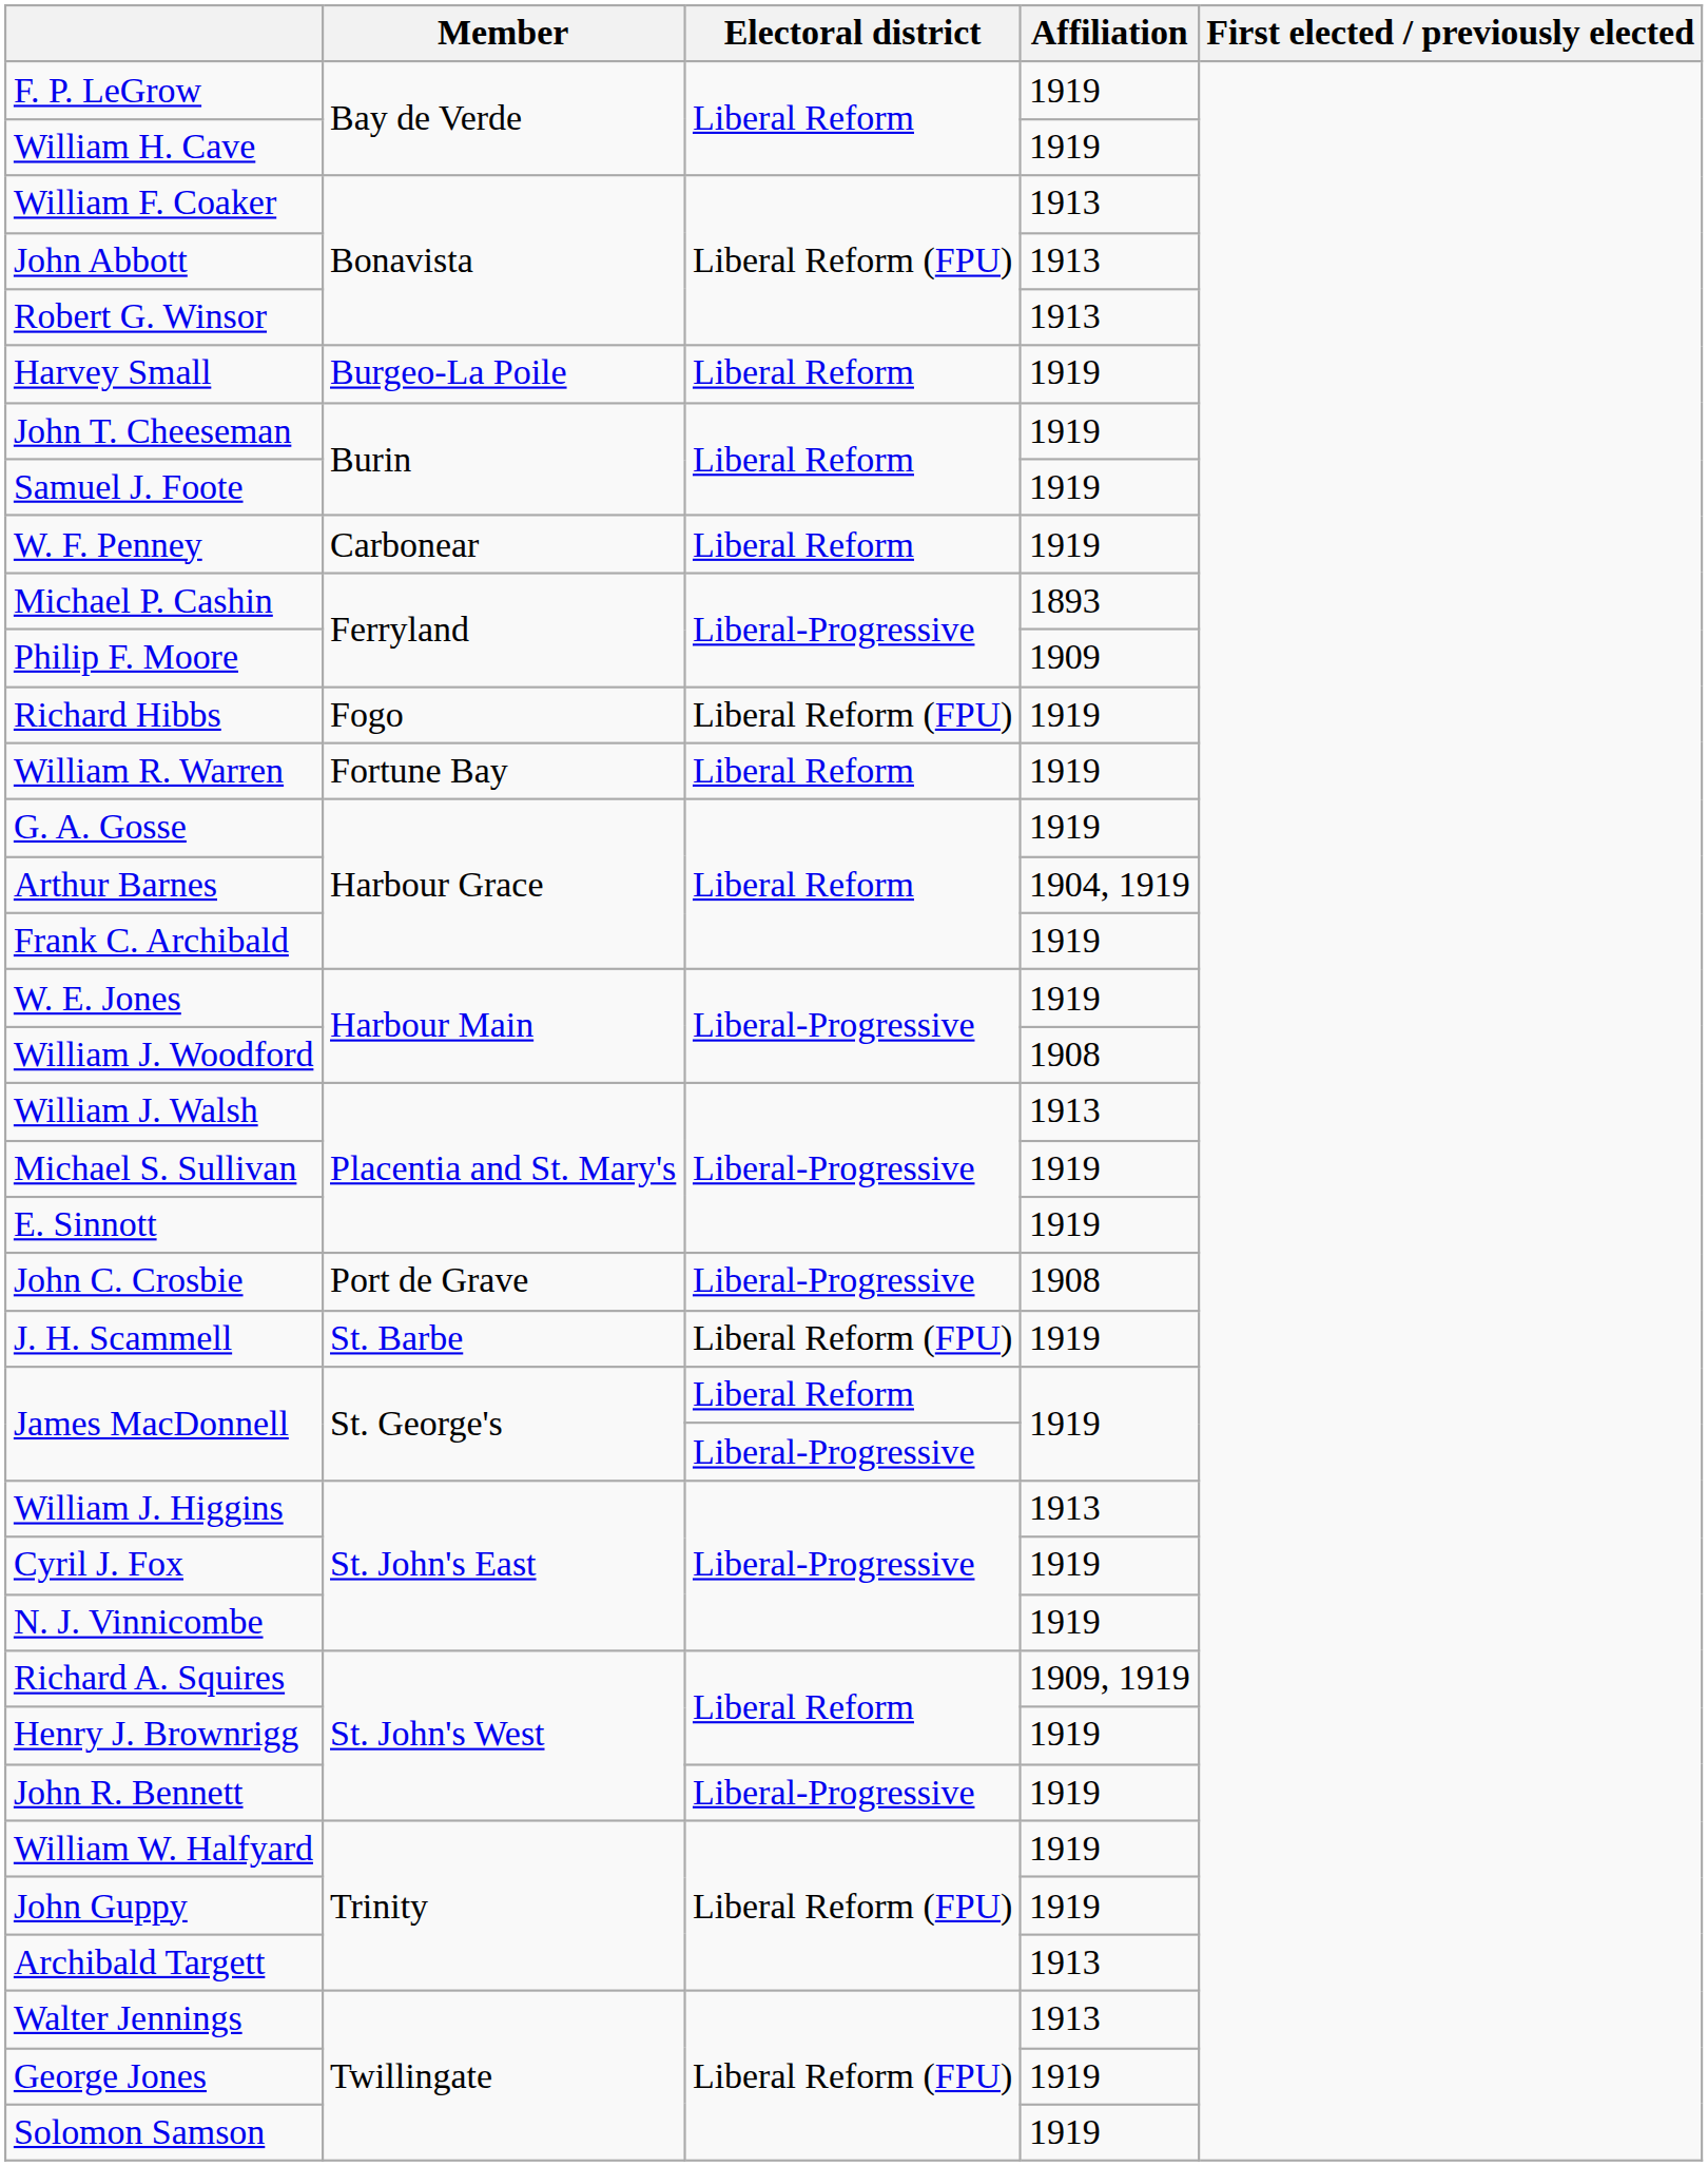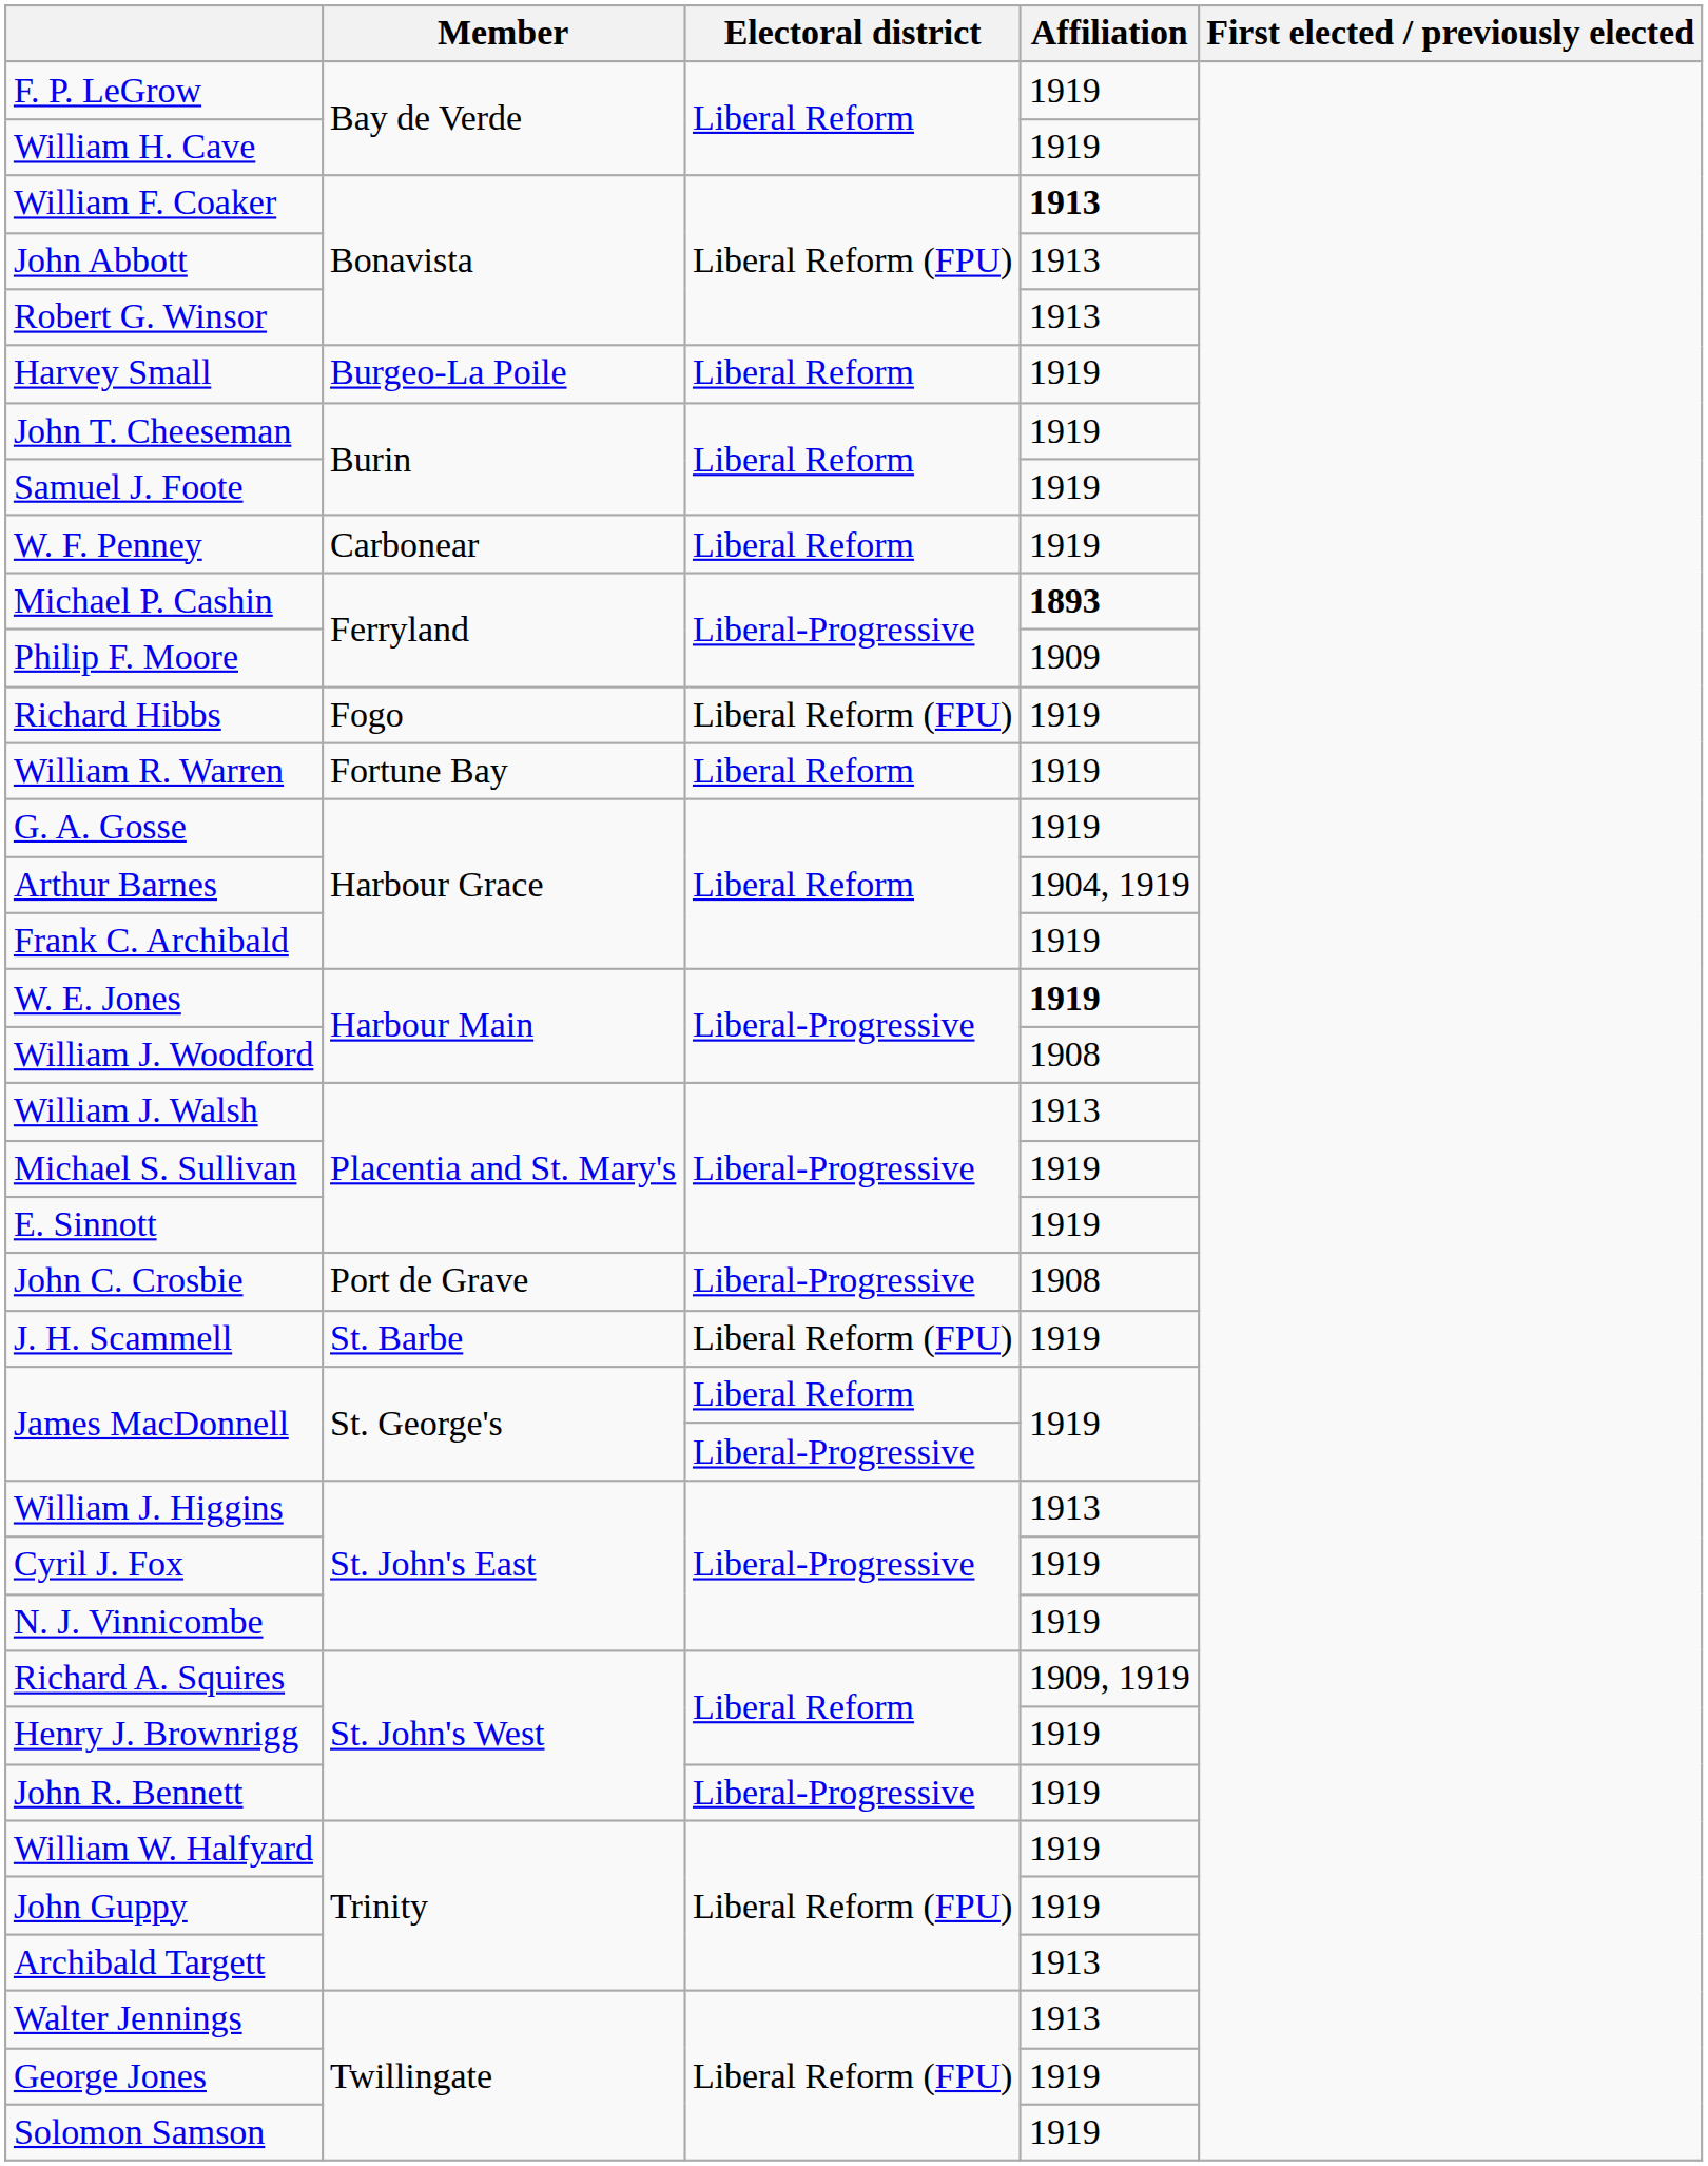 <table class="wikitable sortable">
 <tr>
 <th></th>
 <th>Member</th>
 <th>Electoral district</th>
 <th>Affiliation</th>
 <th>First elected / previously elected</th>
 </tr>
 <tr>
 <td><a href='#'>F. P. LeGrow</a></td>
 <td rowspan=2>Bay de Verde</td>
 <td rowspan=2><a href='#'>Liberal Reform</a></td>
 <td>1919</td>
 </tr>
 <tr>
 <td><a href='#'>William H. Cave</a></td>
 <td>1919</td>
 </tr>
 <tr>
 <td><a href='#'>William F. Coaker</a></td>
 <td rowspan=3>Bonavista</td>
 <td rowspan=3>Liberal Reform (<a href='#'>FPU</a>)</td>
-<td>1913</td>
+<td><strong>1913</strong></td>
 </tr>
 <tr>
 <td><a href='#'>John Abbott</a></td>
 <td>1913</td>
 </tr>
 <tr>
 <td><a href='#'>Robert G. Winsor</a></td>
 <td>1913</td>
 </tr>
 <tr>
 <td><a href='#'>Harvey Small</a></td>
 <td><a href='#'>Burgeo-La Poile</a></td>
 <td><a href='#'>Liberal Reform</a></td>
 <td>1919</td>
 </tr>
 <tr>
 <td><a href='#'>John T. Cheeseman</a></td>
 <td rowspan=2>Burin</td>
 <td rowspan=2><a href='#'>Liberal Reform</a></td>
 <td>1919</td>
 </tr>
 <tr>
 <td><a href='#'>Samuel J. Foote</a></td>
 <td>1919</td>
 </tr>
 <tr>
 <td><a href='#'>W. F. Penney</a></td>
 <td>Carbonear</td>
 <td><a href='#'>Liberal Reform</a></td>
 <td>1919</td>
 </tr>
 <tr>
 <td><a href='#'>Michael P. Cashin</a></td>
 <td rowspan=2>Ferryland</td>
 <td rowspan=2><a href='#'>Liberal-Progressive</a></td>
-<td>1893</td>
+<td><strong>1893</strong></td>
 </tr>
 <tr>
 <td><a href='#'>Philip F. Moore</a></td>
 <td>1909</td>
 </tr>
 <tr>
 <td><a href='#'>Richard Hibbs</a></td>
 <td>Fogo</td>
 <td>Liberal Reform (<a href='#'>FPU</a>)</td>
 <td>1919</td>
 </tr>
 <tr>
 <td><a href='#'>William R. Warren</a></td>
 <td>Fortune Bay</td>
 <td><a href='#'>Liberal Reform</a></td>
 <td>1919</td>
 </tr>
 <tr>
 <td><a href='#'>G. A. Gosse</a></td>
 <td rowspan=3>Harbour Grace</td>
 <td rowspan=3><a href='#'>Liberal Reform</a></td>
 <td>1919</td>
 </tr>
 <tr>
 <td><a href='#'>Arthur Barnes</a></td>
 <td>1904, 1919</td>
 </tr>
 <tr>
 <td><a href='#'>Frank C. Archibald</a></td>
 <td>1919</td>
 </tr>
 <tr>
 <td><a href='#'>W. E. Jones</a></td>
 <td rowspan=2><a href='#'>Harbour Main</a></td>
 <td rowspan=2><a href='#'>Liberal-Progressive</a></td>
-<td>1919</td>
+<td><strong>1919</strong></td>
 </tr>
 <tr>
 <td><a href='#'>William J. Woodford</a></td>
 <td>1908</td>
 </tr>
 <tr>
 <td><a href='#'>William J. Walsh</a></td>
 <td rowspan=3><a href='#'>Placentia and St. Mary's</a></td>
 <td rowspan=3><a href='#'>Liberal-Progressive</a></td>
 <td>1913</td>
 </tr>
 <tr>
 <td><a href='#'>Michael S. Sullivan</a></td>
 <td>1919</td>
 </tr>
 <tr>
 <td><a href='#'>E. Sinnott</a></td>
 <td>1919</td>
 </tr>
 <tr>
 <td><a href='#'>John C. Crosbie</a></td>
 <td>Port de Grave</td>
 <td><a href='#'>Liberal-Progressive</a></td>
 <td>1908</td>
 </tr>
 <tr>
 <td><a href='#'>J. H. Scammell</a></td>
 <td><a href='#'>St. Barbe</a></td>
 <td>Liberal Reform (<a href='#'>FPU</a>)</td>
 <td>1919</td>
 </tr>
 <tr>
 <td rowspan=2><a href='#'>James MacDonnell</a></td>
 <td rowspan=2>St. George's</td>
 <td><a href='#'>Liberal Reform</a></td>
 <td rowspan=2>1919</td>
 </tr>
 <tr>
 <td><a href='#'>Liberal-Progressive</a></td>
 </tr>
 <tr>
 <td><a href='#'>William J. Higgins</a></td>
 <td rowspan=3><a href='#'>St. John's East</a></td>
 <td rowspan=3><a href='#'>Liberal-Progressive</a></td>
 <td>1913</td>
 </tr>
 <tr>
 <td><a href='#'>Cyril J. Fox</a></td>
 <td>1919</td>
 </tr>
 <tr>
 <td><a href='#'>N. J. Vinnicombe</a></td>
 <td>1919</td>
 </tr>
 <tr>
 <td><a href='#'>Richard A. Squires</a></td>
 <td rowspan=3><a href='#'>St. John's West</a></td>
 <td rowspan=2><a href='#'>Liberal Reform</a></td>
 <td>1909, 1919</td>
 </tr>
 <tr>
 <td><a href='#'>Henry J. Brownrigg</a></td>
 <td>1919</td>
 </tr>
 <tr>
 <td><a href='#'>John R. Bennett</a></td>
 <td><a href='#'>Liberal-Progressive</a></td>
 <td>1919</td>
 </tr>
 <tr>
 <td><a href='#'>William W. Halfyard</a></td>
 <td rowspan=3>Trinity</td>
 <td rowspan=3>Liberal Reform (<a href='#'>FPU</a>)</td>
 <td>1919</td>
 </tr>
 <tr>
 <td><a href='#'>John Guppy</a></td>
 <td>1919</td>
 </tr>
 <tr>
 <td><a href='#'>Archibald Targett</a></td>
 <td>1913</td>
 </tr>
 <tr>
 <td><a href='#'>Walter Jennings</a></td>
 <td rowspan=3>Twillingate</td>
 <td rowspan=3>Liberal Reform (<a href='#'>FPU</a>)</td>
 <td>1913</td>
 </tr>
 <tr>
 <td><a href='#'>George Jones</a></td>
 <td>1919</td>
 </tr>
 <tr>
 <td><a href='#'>Solomon Samson</a></td>
 <td>1919</td>
 </tr>
 </table>
